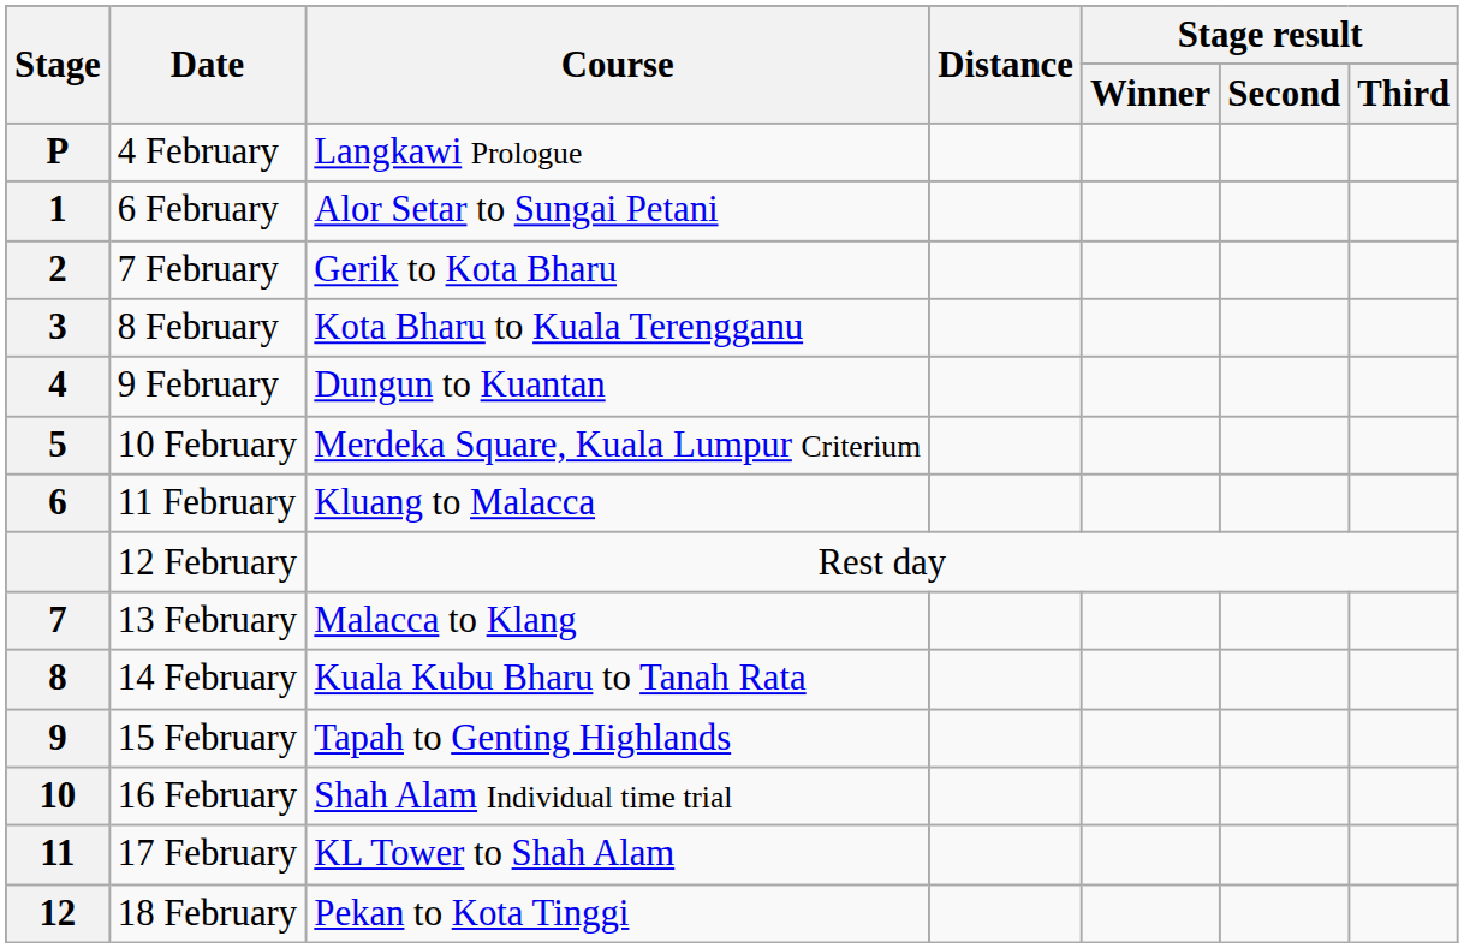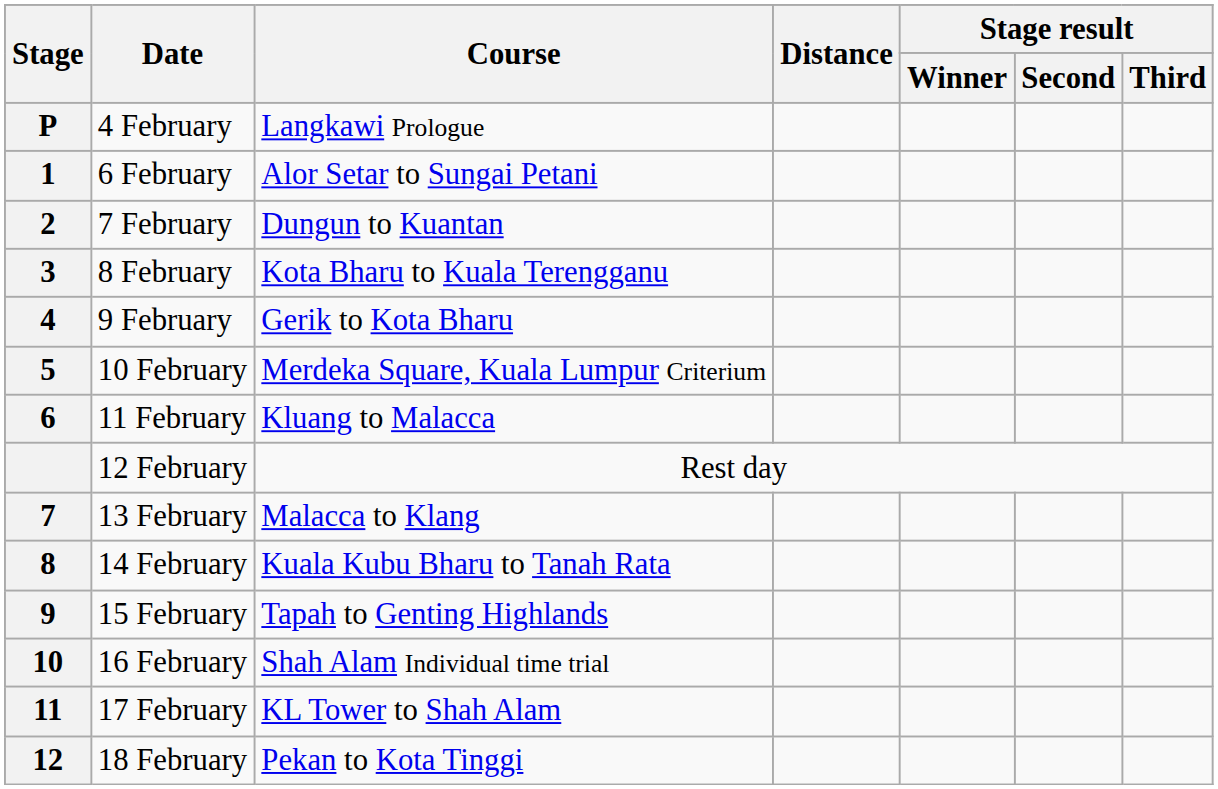 <table class=wikitable>
 <tr>
 <th rowspan=2>Stage</th>
 <th rowspan=2>Date</th>
 <th rowspan=2>Course</th>
 <th rowspan=2>Distance</th>
 <th colspan=3>Stage result</th>
 </tr>
 <tr>
 <th>Winner</th>
 <th>Second</th>
 <th>Third</th>
 </tr>
 <tr>
 <th>P</th>
 <td>4 February</td>
 <td><a href='#'>Langkawi</a> <small>Prologue</small></td>
 <td align=center></td>
 <td></td>
 <td></td>
 <td></td>
 </tr>
 <tr>
 <th>1</th>
 <td>6 February</td>
 <td><a href='#'>Alor Setar</a> to <a href='#'>Sungai Petani</a></td>
 <td align=center></td>
 <td></td>
 <td></td>
 <td></td>
 </tr>
 <tr>
 <th>2</th>
 <td>7 February</td>
-<td><a href='#'>Gerik</a> to <a href='#'>Kota Bharu</a></td>
+<td><a href='#'>Dungun</a> to <a href='#'>Kuantan</a></td>
 <td align=center></td>
 <td></td>
 <td></td>
 <td></td>
 </tr>
 <tr>
 <th>3</th>
 <td>8 February</td>
 <td><a href='#'>Kota Bharu</a> to <a href='#'>Kuala Terengganu</a></td>
 <td align=center></td>
 <td></td>
 <td></td>
 <td></td>
 </tr>
 <tr>
 <th>4</th>
 <td>9 February</td>
-<td><a href='#'>Dungun</a> to <a href='#'>Kuantan</a></td>
+<td><a href='#'>Gerik</a> to <a href='#'>Kota Bharu</a></td>
 <td align=center></td>
 <td></td>
 <td></td>
 <td></td>
 </tr>
 <tr>
 <th>5</th>
 <td>10 February</td>
 <td><a href='#'>Merdeka Square, Kuala Lumpur</a> <small>Criterium</small></td>
 <td align=center></td>
 <td></td>
 <td></td>
 <td></td>
 </tr>
 <tr>
 <th>6</th>
 <td>11 February</td>
 <td><a href='#'>Kluang</a> to <a href='#'>Malacca</a></td>
 <td align=center></td>
 <td></td>
 <td></td>
 <td></td>
 </tr>
 <tr>
 <th></th>
 <td>12 February</td>
 <td style="text-align:center;" colspan=5>Rest day</td>
 </tr>
 <tr>
 <th>7</th>
 <td>13 February</td>
 <td><a href='#'>Malacca</a> to <a href='#'>Klang</a></td>
 <td align=center></td>
 <td></td>
 <td></td>
 <td></td>
 </tr>
 <tr>
 <th>8</th>
 <td>14 February</td>
 <td><a href='#'>Kuala Kubu Bharu</a> to <a href='#'>Tanah Rata</a></td>
 <td align=center></td>
 <td></td>
 <td></td>
 <td></td>
 </tr>
 <tr>
 <th>9</th>
 <td>15 February</td>
 <td><a href='#'>Tapah</a> to <a href='#'>Genting Highlands</a></td>
 <td align=center></td>
 <td></td>
 <td></td>
 <td></td>
 </tr>
 <tr>
 <th>10</th>
 <td>16 February</td>
 <td><a href='#'>Shah Alam</a> <small>Individual time trial</small></td>
 <td align=center></td>
 <td></td>
 <td></td>
 <td></td>
 </tr>
 <tr>
 <th>11</th>
 <td>17 February</td>
 <td><a href='#'>KL Tower</a> to <a href='#'>Shah Alam</a></td>
 <td align=center></td>
 <td></td>
 <td></td>
 <td></td>
 </tr>
 <tr>
 <th>12</th>
 <td>18 February</td>
 <td><a href='#'>Pekan</a> to <a href='#'>Kota Tinggi</a></td>
 <td align=center></td>
 <td></td>
 <td></td>
 <td></td>
 </tr>
 </table>
